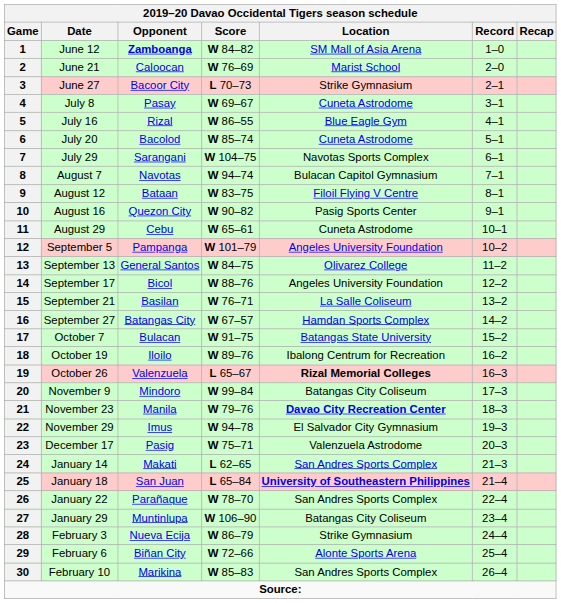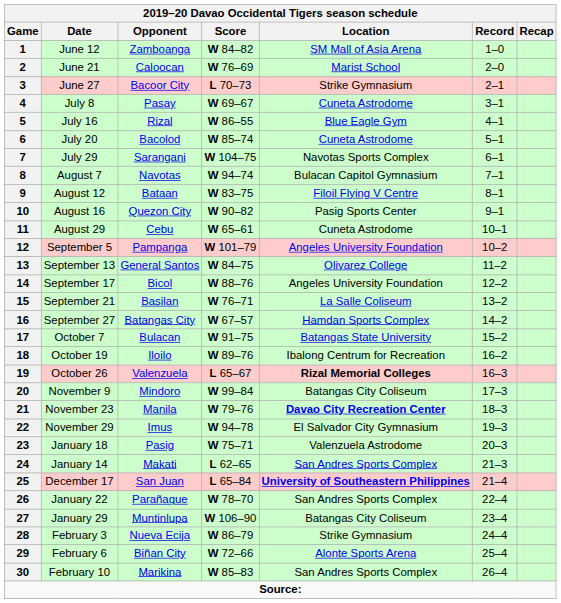 <table class="wikitable" style="text-align:center">
 <tr>
 <th colspan=7>2019–20 Davao Occidental Tigers season schedule</th>
 </tr>
 <tr>
 <th>Game</th>
 <th>Date</th>
 <th>Opponent</th>
 <th>Score</th>
 <th>Location</th>
 <th>Record</th>
 <th>Recap<br></th>
 </tr>
 <tr style="background:#cfc">
 <th>1</th>
 <td>June 12</td>
-<td><strong><a href='#'>Zamboanga</a></strong></td>
+<td><a href='#'>Zamboanga</a></td>
 <td><strong>W</strong> 84–82</td>
 <td><a href='#'>SM Mall of Asia Arena</a></td>
 <td>1–0</td>
 <td></td>
 </tr>
 <tr style="background:#cfc">
 <th>2</th>
 <td>June 21</td>
 <td><a href='#'>Caloocan</a></td>
 <td><strong>W</strong> 76–69</td>
 <td><a href='#'>Marist School</a></td>
 <td>2–0</td>
 <td></td>
 </tr>
 <tr style="background:#fcc">
 <th>3</th>
 <td>June 27</td>
 <td><a href='#'>Bacoor City</a></td>
 <td><strong>L</strong> 70–73</td>
 <td>Strike Gymnasium</td>
 <td>2–1</td>
 <td></td>
 </tr>
 <tr style="background:#cfc">
 <th>4</th>
 <td>July 8</td>
 <td><a href='#'>Pasay</a></td>
 <td><strong>W</strong> 69–67</td>
 <td><a href='#'>Cuneta Astrodome</a></td>
 <td>3–1</td>
 <td></td>
 </tr>
 <tr style="background:#cfc">
 <th>5</th>
 <td>July 16</td>
 <td><a href='#'>Rizal</a></td>
 <td><strong>W</strong> 86–55</td>
 <td><a href='#'>Blue Eagle Gym</a></td>
 <td>4–1</td>
 <td></td>
 </tr>
 <tr style="background:#cfc">
 <th>6</th>
 <td>July 20</td>
 <td><a href='#'>Bacolod</a></td>
 <td><strong>W</strong> 85–74</td>
 <td><a href='#'>Cuneta Astrodome</a></td>
 <td>5–1</td>
 <td></td>
 </tr>
 <tr style="background:#cfc">
 <th>7</th>
 <td>July 29</td>
 <td><a href='#'>Sarangani</a></td>
 <td><strong>W</strong> 104–75</td>
 <td>Navotas Sports Complex</td>
 <td>6–1</td>
 <td></td>
 </tr>
 <tr style="background:#cfc">
 <th>8</th>
 <td>August 7</td>
 <td><a href='#'>Navotas</a></td>
 <td><strong>W</strong> 94–74</td>
 <td>Bulacan Capitol Gymnasium</td>
 <td>7–1</td>
 <td></td>
 </tr>
 <tr style="background:#cfc">
 <th>9</th>
 <td>August 12</td>
 <td><a href='#'>Bataan</a></td>
 <td><strong>W</strong> 83–75</td>
 <td><a href='#'>Filoil Flying V Centre</a></td>
 <td>8–1</td>
 <td></td>
 </tr>
 <tr style="background:#cfc">
 <th>10</th>
 <td>August 16</td>
 <td><a href='#'>Quezon City</a></td>
 <td><strong>W</strong> 90–82</td>
 <td>Pasig Sports Center</td>
 <td>9–1</td>
 <td></td>
 </tr>
 <tr style="background:#cfc">
 <th>11</th>
 <td>August 29</td>
 <td><a href='#'>Cebu</a></td>
 <td><strong>W</strong> 65–61</td>
 <td>Cuneta Astrodome</td>
 <td>10–1</td>
 <td><br></td>
 </tr>
 <tr style="background:#fcc">
 <th>12</th>
 <td>September 5</td>
 <td><a href='#'>Pampanga</a></td>
 <td><strong>W</strong> 101–79</td>
 <td><a href='#'>Angeles University Foundation</a></td>
 <td>10–2</td>
 <td></td>
 </tr>
 <tr style="background:#cfc">
 <th>13</th>
 <td>September 13</td>
 <td><a href='#'>General Santos</a></td>
 <td><strong>W</strong> 84–75</td>
 <td><a href='#'>Olivarez College</a></td>
 <td>11–2</td>
 <td></td>
 </tr>
 <tr style="background:#cfc">
 <th>14</th>
 <td>September 17</td>
 <td><a href='#'>Bicol</a></td>
 <td><strong>W</strong> 88–76</td>
 <td>Angeles University Foundation</td>
 <td>12–2</td>
 <td></td>
 </tr>
 <tr style="background:#cfc">
 <th>15</th>
 <td>September 21</td>
 <td><a href='#'>Basilan</a></td>
 <td><strong>W</strong> 76–71</td>
 <td><a href='#'>La Salle Coliseum</a></td>
 <td>13–2</td>
 <td></td>
 </tr>
 <tr style="background:#cfc">
 <th>16</th>
 <td>September 27</td>
 <td><a href='#'>Batangas City</a></td>
 <td><strong>W</strong> 67–57</td>
 <td> <a href='#'>Hamdan Sports Complex</a></td>
 <td>14–2</td>
 <td></td>
 </tr>
 <tr style="background:#cfc">
 <th>17</th>
 <td>October 7</td>
 <td><a href='#'>Bulacan</a></td>
 <td><strong>W</strong> 91–75</td>
 <td><a href='#'>Batangas State University</a></td>
 <td>15–2</td>
 <td></td>
 </tr>
 <tr style="background:#cfc">
 <th>18</th>
 <td>October 19</td>
 <td><a href='#'>Iloilo</a></td>
 <td><strong>W</strong> 89–76</td>
 <td>Ibalong Centrum for Recreation</td>
 <td>16–2</td>
 <td></td>
 </tr>
 <tr style="background:#fcc">
 <th>19</th>
 <td>October 26</td>
 <td><a href='#'>Valenzuela</a></td>
 <td><strong>L</strong> 65–67</td>
 <td><strong>Rizal Memorial Colleges</strong></td>
 <td>16–3</td>
 <td></td>
 </tr>
 <tr style="background:#cfc">
 <th>20</th>
 <td>November 9</td>
 <td><a href='#'>Mindoro</a></td>
 <td><strong>W</strong> 99–84</td>
 <td>Batangas City Coliseum</td>
 <td>17–3</td>
 <td></td>
 </tr>
 <tr style="background:#cfc">
 <th>21</th>
 <td>November 23</td>
 <td><a href='#'>Manila</a></td>
 <td><strong>W</strong> 79–76</td>
 <td><strong><a href='#'>Davao City Recreation Center</a></strong></td>
 <td>18–3</td>
 <td></td>
 </tr>
 <tr style="background:#cfc">
 <th>22</th>
 <td>November 29</td>
 <td><a href='#'>Imus</a></td>
 <td><strong>W</strong> 94–78</td>
 <td>El Salvador City Gymnasium</td>
 <td>19–3</td>
 <td><br></td>
 </tr>
 <tr style="background:#cfc">
 <th>23</th>
-<td>December 17</td>
+<td>January 18</td>
 <td><a href='#'>Pasig</a></td>
 <td><strong>W</strong> 75–71</td>
 <td>Valenzuela Astrodome</td>
 <td>20–3</td>
 <td></td>
 </tr>
 <tr style="background:#cfc">
 <th>24</th>
 <td>January 14</td>
 <td><a href='#'>Makati</a></td>
 <td><strong>L</strong> 62–65</td>
 <td><a href='#'>San Andres Sports Complex</a></td>
 <td>21–3</td>
 <td></td>
 </tr>
 <tr style="background:#fcc">
 <th>25</th>
-<td>January 18</td>
+<td>December 17</td>
 <td><a href='#'>San Juan</a></td>
 <td><strong>L</strong> 65–84</td>
 <td><strong><a href='#'>University of Southeastern Philippines</a></strong></td>
 <td>21–4</td>
 <td></td>
 </tr>
 <tr style="background:#cfc">
 <th>26</th>
 <td>January 22</td>
 <td><a href='#'>Parañaque</a></td>
 <td><strong>W</strong> 78–70</td>
 <td>San Andres Sports Complex</td>
 <td>22–4</td>
 <td></td>
 </tr>
 <tr style="background:#cfc">
 <th>27</th>
 <td>January 29</td>
 <td><a href='#'>Muntinlupa</a></td>
 <td><strong>W</strong> 106–90</td>
 <td>Batangas City Coliseum</td>
 <td>23–4</td>
 <td></td>
 </tr>
 <tr style="background:#cfc">
 <th>28</th>
 <td>February 3</td>
 <td><a href='#'>Nueva Ecija</a></td>
 <td><strong>W</strong> 86–79</td>
 <td>Strike Gymnasium</td>
 <td>24–4</td>
 <td></td>
 </tr>
 <tr style="background:#cfc">
 <th>29</th>
 <td>February 6</td>
 <td><a href='#'>Biñan City</a></td>
 <td><strong>W</strong> 72–66</td>
 <td><a href='#'>Alonte Sports Arena</a></td>
 <td>25–4</td>
 <td></td>
 </tr>
 <tr style="background:#cfc">
 <th>30</th>
 <td>February 10</td>
 <td><a href='#'>Marikina</a></td>
 <td><strong>W</strong> 85–83</td>
 <td>San Andres Sports Complex</td>
 <td>26–4</td>
 <td></td>
 </tr>
 <tr>
 <td colspan=7 align=center><strong>Source: </strong></td>
 </tr>
 </table>
